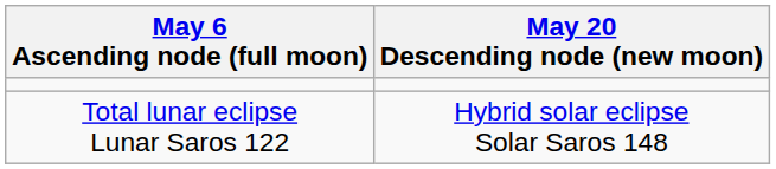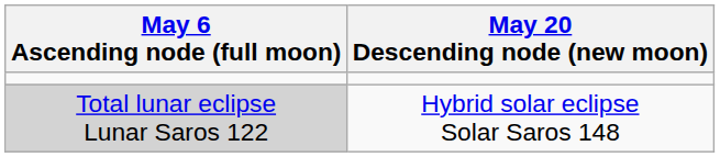 <table class="wikitable">
 <tr>
 <th><a href='#'>May 6</a><br>Ascending node (full moon)<br></th>
 <th><a href='#'>May 20</a><br>Descending node (new moon)<br></th>
 </tr>
 <tr>
 <td></td>
 <td></td>
 </tr>
 <tr align=center>
-<td><a href='#'>Total lunar eclipse</a><br>Lunar Saros 122</td>
+<td style="background: lightgrey;"><a href='#'>Total lunar eclipse</a><br>Lunar Saros 122</td>
 <td><a href='#'>Hybrid solar eclipse</a><br>Solar Saros 148</td>
 </tr>
 </table>
